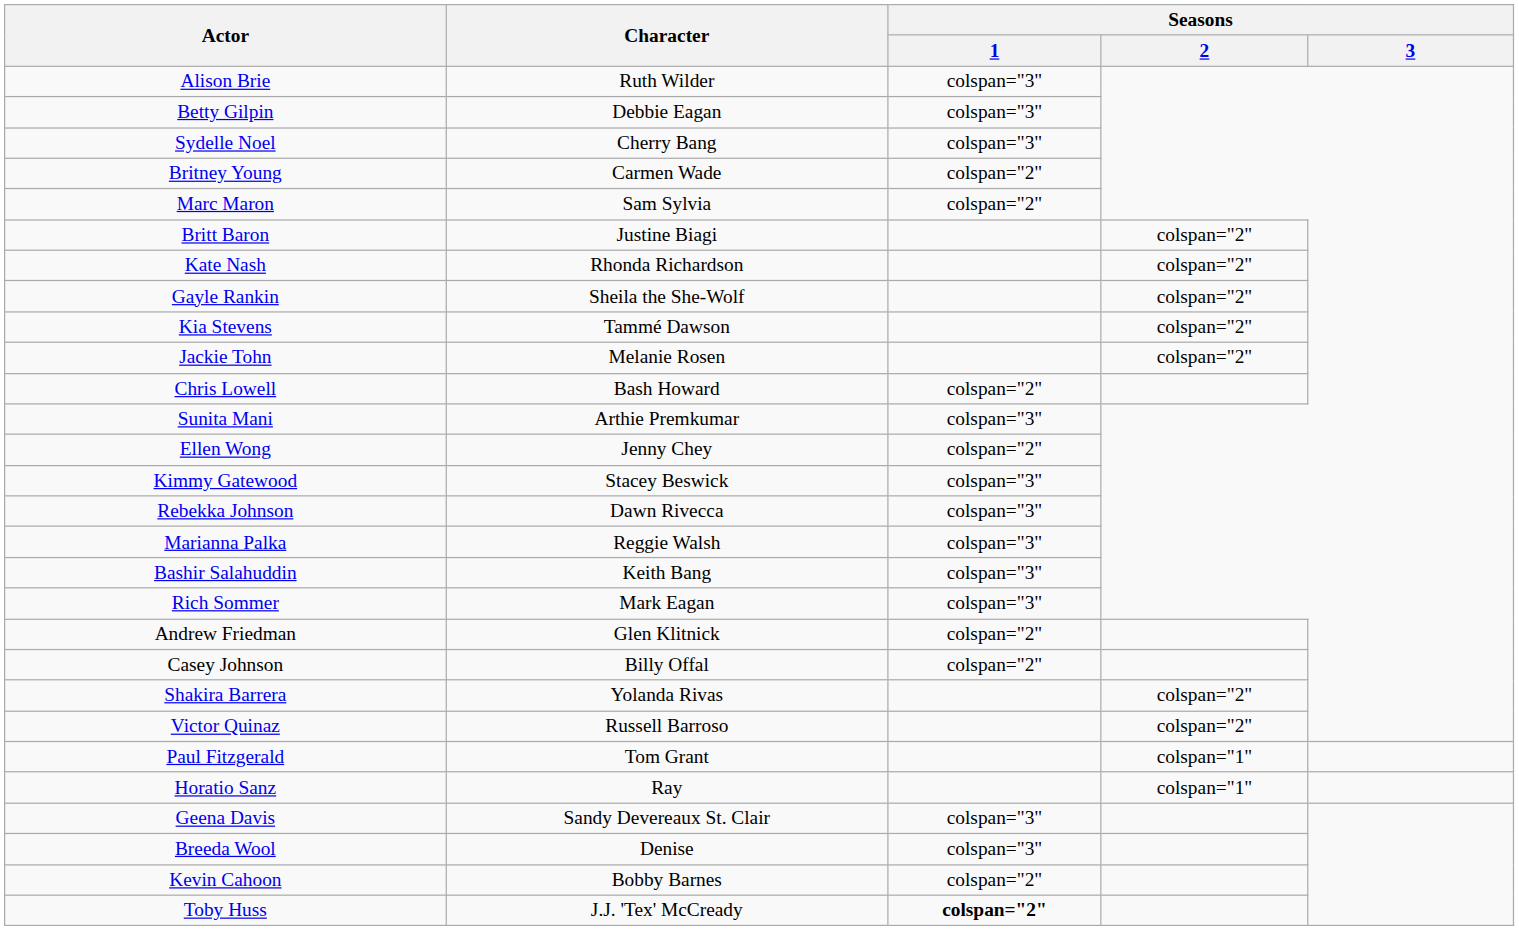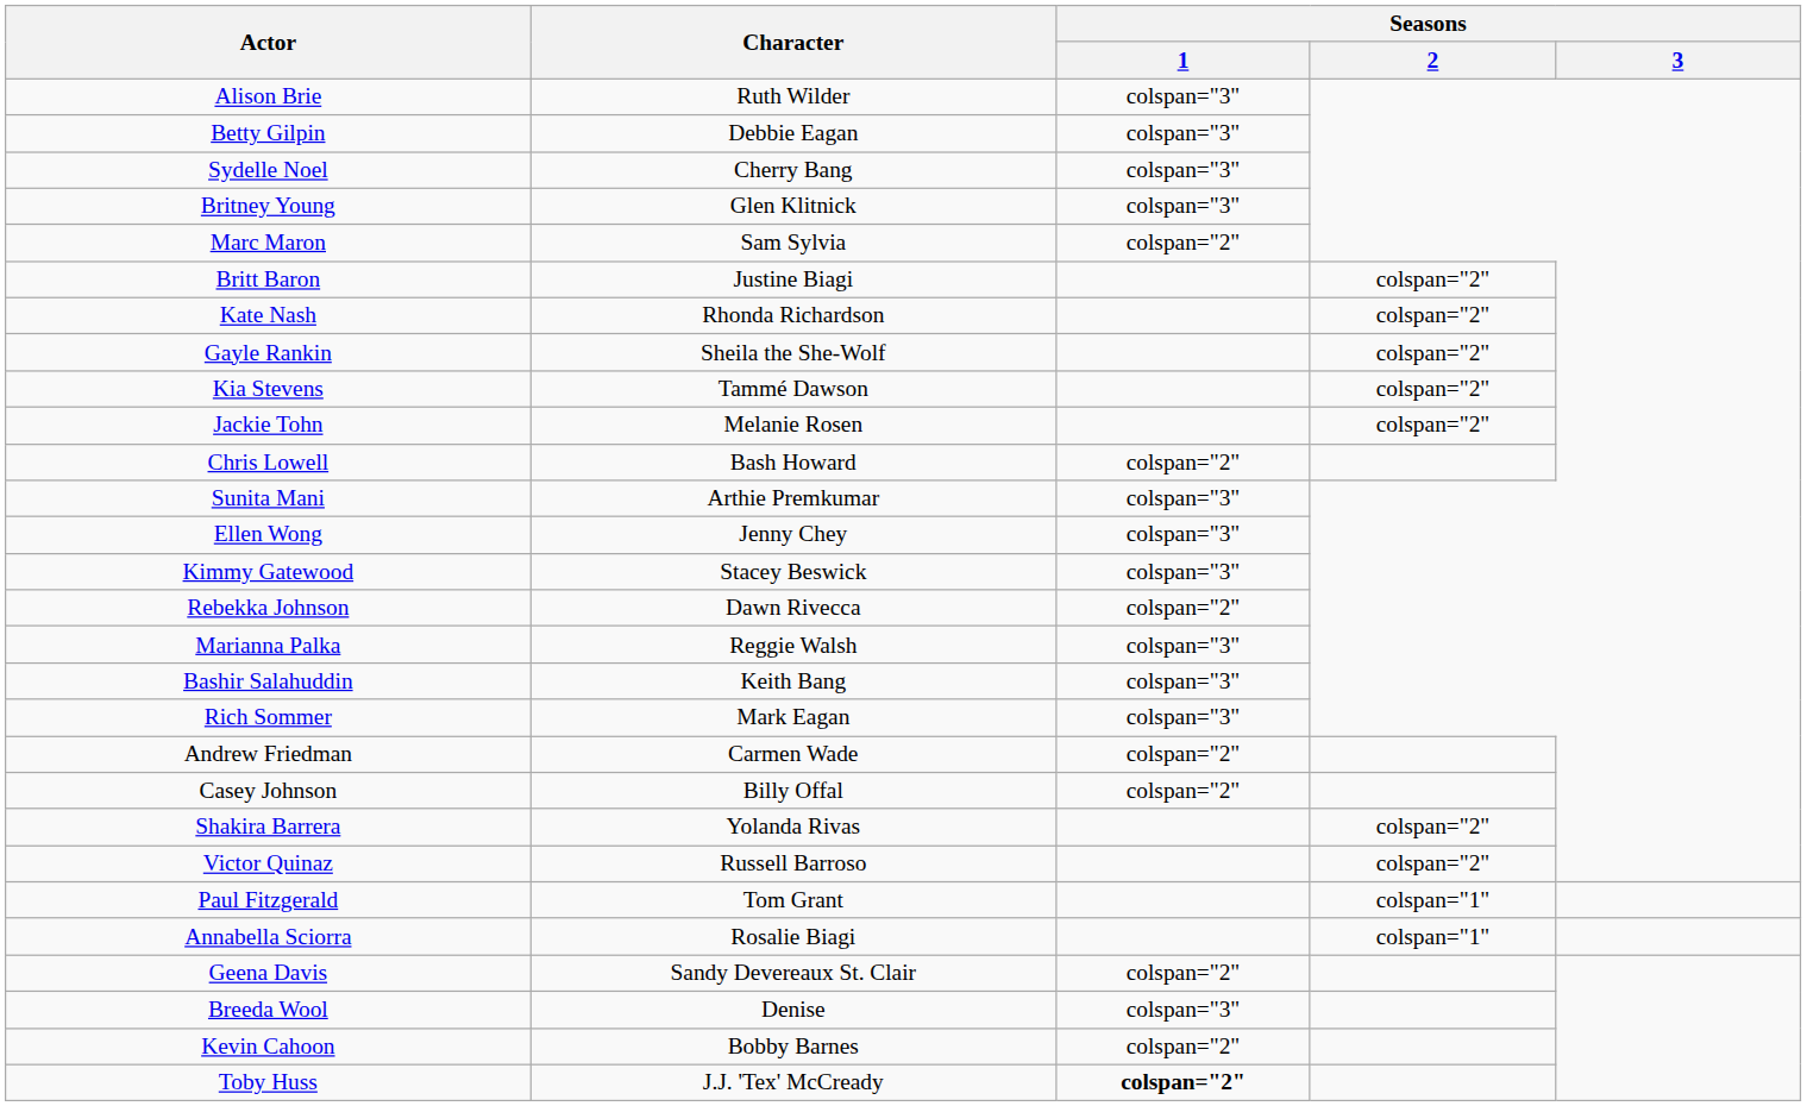 <table class="wikitable plainrowheaders" style="text-align:center">
 <tr>
 <th scope="col" rowspan="2" style="width:15%;">Actor</th>
 <th scope="col" rowspan="2" style="width:15%;">Character</th>
 <th scope="col" colspan="3" style="width:50%;">Seasons</th>
 </tr>
 <tr>
 <th scope="col" style="width:7%;"><a href='#'>1</a></th>
 <th scope="col" style="width:7%;"><a href='#'>2</a></th>
 <th scope="col" style="width:7%;"><a href='#'>3</a></th>
 </tr>
 <tr>
 <td><a href='#'>Alison Brie</a></td>
 <td>Ruth Wilder</td>
 <td>colspan="3" </td>
 </tr>
 <tr>
 <td><a href='#'>Betty Gilpin</a></td>
 <td>Debbie Eagan</td>
 <td>colspan="3" </td>
 </tr>
 <tr>
 <td><a href='#'>Sydelle Noel</a></td>
 <td>Cherry Bang</td>
 <td>colspan="3" </td>
 </tr>
 <tr>
 <td><a href='#'>Britney Young</a></td>
-<td>Carmen Wade</td>
-<td>colspan="2" </td>
+<td>Glen Klitnick</td>
+<td>colspan="3" </td>
 </tr>
 <tr>
 <td><a href='#'>Marc Maron</a></td>
 <td>Sam Sylvia</td>
 <td>colspan="2" </td>
 </tr>
 <tr>
 <td><a href='#'>Britt Baron</a></td>
 <td>Justine Biagi</td>
 <td></td>
 <td>colspan="2" </td>
 </tr>
 <tr>
 <td><a href='#'>Kate Nash</a></td>
 <td>Rhonda Richardson</td>
 <td></td>
 <td>colspan="2" </td>
 </tr>
 <tr>
 <td><a href='#'>Gayle Rankin</a></td>
 <td>Sheila the She-Wolf</td>
 <td></td>
 <td>colspan="2" </td>
 </tr>
 <tr>
 <td><a href='#'>Kia Stevens</a></td>
 <td>Tammé Dawson</td>
 <td></td>
 <td>colspan="2" </td>
 </tr>
 <tr>
 <td><a href='#'>Jackie Tohn</a></td>
 <td>Melanie Rosen</td>
 <td></td>
 <td>colspan="2" </td>
 </tr>
 <tr>
 <td><a href='#'>Chris Lowell</a></td>
 <td>Bash Howard</td>
 <td>colspan="2" </td>
 <td></td>
 </tr>
 <tr>
 <td><a href='#'>Sunita Mani</a></td>
 <td>Arthie Premkumar</td>
 <td>colspan="3" </td>
 </tr>
 <tr>
 <td><a href='#'>Ellen Wong</a></td>
 <td>Jenny Chey</td>
-<td>colspan="2" </td>
+<td>colspan="3" </td>
 </tr>
 <tr>
 <td><a href='#'>Kimmy Gatewood</a></td>
 <td>Stacey Beswick</td>
 <td>colspan="3" </td>
 </tr>
 <tr>
 <td><a href='#'>Rebekka Johnson</a></td>
 <td>Dawn Rivecca</td>
-<td>colspan="3" </td>
+<td>colspan="2" </td>
 </tr>
 <tr>
 <td><a href='#'>Marianna Palka</a></td>
 <td>Reggie Walsh</td>
 <td>colspan="3" </td>
 </tr>
 <tr>
 <td><a href='#'>Bashir Salahuddin</a></td>
 <td>Keith Bang</td>
 <td>colspan="3" </td>
 </tr>
 <tr>
 <td><a href='#'>Rich Sommer</a></td>
 <td>Mark Eagan</td>
 <td>colspan="3" </td>
 </tr>
 <tr>
 <td>Andrew Friedman</td>
-<td>Glen Klitnick</td>
+<td>Carmen Wade</td>
 <td>colspan="2" </td>
 <td></td>
 </tr>
 <tr>
 <td>Casey Johnson</td>
 <td>Billy Offal</td>
 <td>colspan="2" </td>
 <td></td>
 </tr>
 <tr>
 <td><a href='#'>Shakira Barrera</a></td>
 <td>Yolanda Rivas</td>
 <td></td>
 <td>colspan="2" </td>
 </tr>
 <tr>
 <td><a href='#'>Victor Quinaz</a></td>
 <td>Russell Barroso</td>
 <td></td>
 <td>colspan="2" </td>
 </tr>
 <tr>
 <td><a href='#'>Paul Fitzgerald</a></td>
 <td>Tom Grant</td>
 <td></td>
 <td>colspan="1" </td>
 <td></td>
 </tr>
 <tr>
-<td><a href='#'>Horatio Sanz</a></td>
-<td>Ray</td>
+<td><a href='#'>Annabella Sciorra</a></td>
+<td>Rosalie Biagi</td>
 <td></td>
 <td>colspan="1" </td>
 <td></td>
 </tr>
 <tr>
 <td><a href='#'>Geena Davis</a></td>
 <td>Sandy Devereaux St. Clair</td>
-<td>colspan="3" </td>
+<td>colspan="2" </td>
 <td></td>
 </tr>
 <tr>
 <td><a href='#'>Breeda Wool</a></td>
 <td>Denise</td>
 <td>colspan="3" </td>
 <td></td>
 </tr>
 <tr>
 <td><a href='#'>Kevin Cahoon</a></td>
 <td>Bobby Barnes</td>
 <td>colspan="2" </td>
 <td></td>
 </tr>
 <tr>
 <td><a href='#'>Toby Huss</a></td>
 <td>J.J. 'Tex' McCready</td>
 <td><strong>colspan="2" </strong></td>
 <td></td>
 </tr>
 </table>
